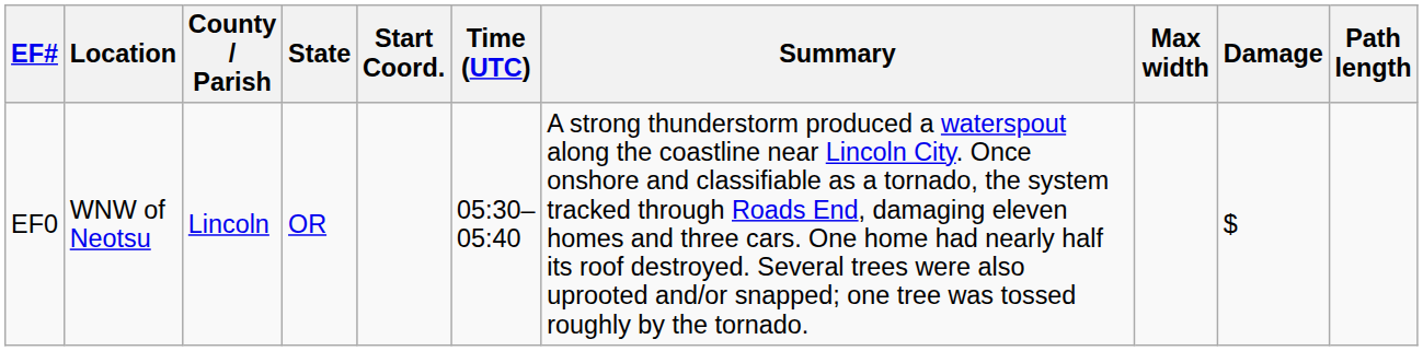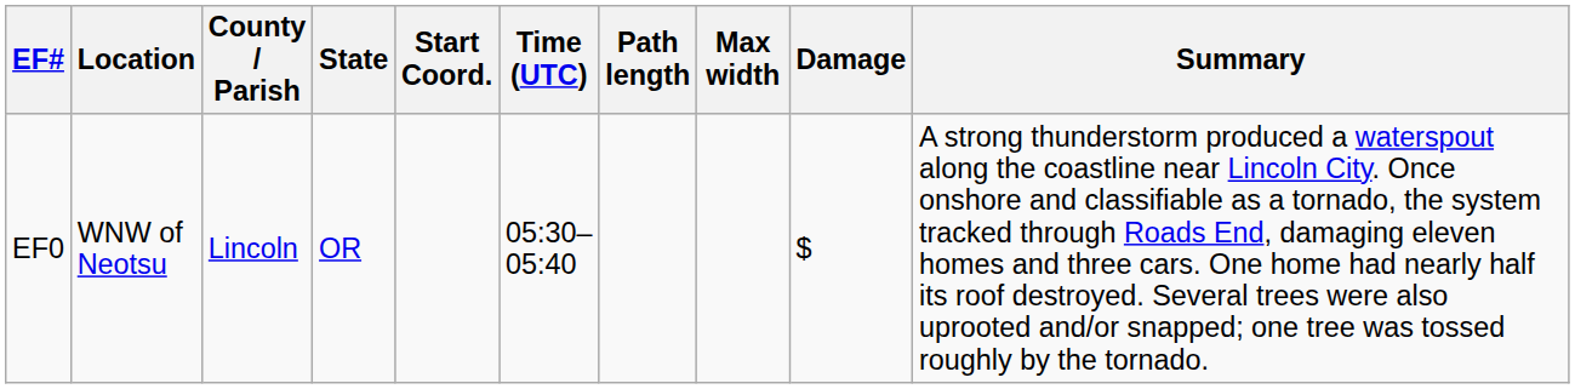 <table class="wikitable sortable" style="width:100%;">
 <tr>
 <th scope="col"  style="width:3%; text-align:center;"><a href='#'>EF#</a></th>
 <th scope="col"  style="width:7%; text-align:center;" class="unsortable">Location</th>
 <th scope="col"  style="width:6%; text-align:center;" class="unsortable">County / Parish</th>
 <th scope="col"  style="width:5%; text-align:center;">State</th>
 <th scope="col"  style="width:6%; text-align:center;">Start Coord.</th>
 <th scope="col"  style="width:6%; text-align:center;">Time (<a href='#'>UTC</a>)</th>
-<th scope="col" class="unsortable" style="width:48%; text-align:center;">Summary</th>
+<th scope="col"  style="width:6%; text-align:center;">Path length</th>
 <th scope="col"  style="width:6%; text-align:center;">Max width</th>
 <th scope="col"  style="width:6%; text-align:center;">Damage</th>
-<th scope="col"  style="width:6%; text-align:center;">Path length</th>
+<th scope="col" class="unsortable" style="width:48%; text-align:center;">Summary</th>
 </tr>
 <tr>
 <td>EF0</td>
 <td>WNW of <a href='#'>Neotsu</a></td>
 <td><a href='#'>Lincoln</a></td>
 <td><a href='#'>OR</a></td>
 <td></td>
 <td>05:30–05:40</td>
-<td>A strong thunderstorm produced a <a href='#'>waterspout</a> along the coastline near <a href='#'>Lincoln City</a>. Once onshore and classifiable as a tornado, the system tracked through <a href='#'>Roads End</a>, damaging eleven homes and three cars. One home had nearly half its roof destroyed. Several trees were also uprooted and/or snapped; one tree was tossed roughly  by the tornado.</td>
+<td></td>
 <td></td>
 <td>$</td>
-<td></td>
+<td>A strong thunderstorm produced a <a href='#'>waterspout</a> along the coastline near <a href='#'>Lincoln City</a>. Once onshore and classifiable as a tornado, the system tracked through <a href='#'>Roads End</a>, damaging eleven homes and three cars. One home had nearly half its roof destroyed. Several trees were also uprooted and/or snapped; one tree was tossed roughly  by the tornado.</td>
 </tr>
 </table>
